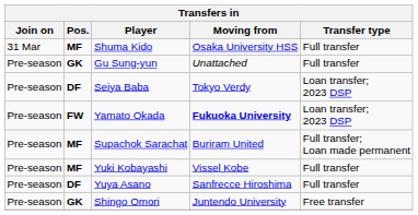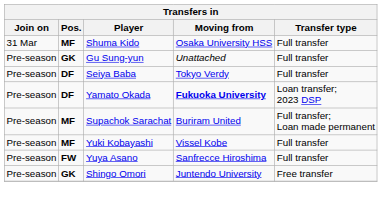 <table class="wikitable sortable" style=“text-align:left;>
 <tr>
 <th colspan="5">Transfers in</th>
 </tr>
 <tr>
 <th>Join on</th>
 <th>Pos.</th>
 <th>Player</th>
 <th>Moving from</th>
 <th>Transfer type</th>
 </tr>
 <tr>
 <td>31 Mar</td>
 <td><strong>MF</strong></td>
 <td> <a href='#'>Shuma Kido</a></td>
 <td> <a href='#'>Osaka University HSS</a></td>
 <td>Full transfer</td>
 </tr>
 <tr>
 <td>Pre-season</td>
 <td><strong>GK</strong></td>
 <td> <a href='#'>Gu Sung-yun</a></td>
 <td><em>Unattached</em></td>
 <td>Full transfer</td>
 </tr>
 <tr>
 <td>Pre-season</td>
 <td><strong>DF</strong></td>
 <td> <a href='#'>Seiya Baba</a></td>
 <td> <a href='#'>Tokyo Verdy</a></td>
-<td>Loan transfer;<br> 2023 <a href='#'>DSP</a></td>
+<td>Full transfer</td>
 </tr>
 <tr>
 <td>Pre-season</td>
-<td><strong>FW</strong></td>
+<td><strong>DF</strong></td>
 <td> <a href='#'>Yamato Okada</a></td>
 <td><strong> <a href='#'>Fukuoka University</a></strong></td>
 <td>Loan transfer;<br> 2023 <a href='#'>DSP</a></td>
 </tr>
 <tr>
 <td>Pre-season</td>
 <td><strong>MF</strong></td>
 <td> <a href='#'>Supachok Sarachat</a></td>
 <td> <a href='#'>Buriram United</a></td>
 <td>Full transfer;<br> Loan made permanent</td>
 </tr>
 <tr>
 <td>Pre-season</td>
 <td><strong>MF</strong></td>
 <td> <a href='#'>Yuki Kobayashi</a></td>
 <td> <a href='#'>Vissel Kobe</a></td>
 <td>Full transfer</td>
 </tr>
 <tr>
 <td>Pre-season</td>
-<td><strong>DF</strong></td>
+<td><strong>FW</strong></td>
 <td> <a href='#'>Yuya Asano</a></td>
 <td> <a href='#'>Sanfrecce Hiroshima</a></td>
 <td>Full transfer</td>
 </tr>
 <tr>
 <td>Pre-season</td>
 <td><strong>GK</strong></td>
 <td> <a href='#'>Shingo Omori</a></td>
 <td> <a href='#'>Juntendo University</a></td>
 <td>Free transfer</td>
 </tr>
 <tr>
 </tr>
 </table>
